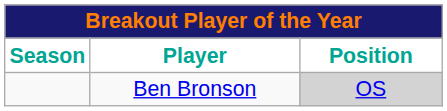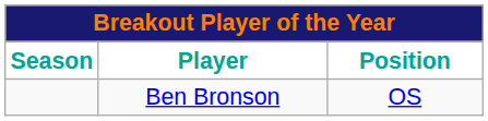 <table class="wikitable sortable" style="text-align:center">
 <tr>
 <td colspan="4" style="background:#191970; color:#FF7F00;"><strong>Breakout Player of the Year</strong></td>
 </tr>
 <tr>
 <th style="width:50px; background:white; color:#00A693;">Season</th>
 <th style="width:150px; background:white; color:#00A693;">Player</th>
 <th style="width:100px; background:white; color:#00A693;">Position</th>
 </tr>
 <tr>
 <td></td>
 <td><a href='#'>Ben Bronson</a></td>
-<td style="background: lightgrey;"><a href='#'>OS</a></td>
+<td><a href='#'>OS</a></td>
 </tr>
 </table>
